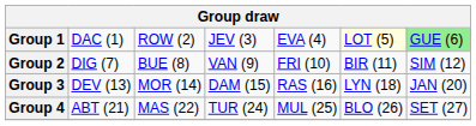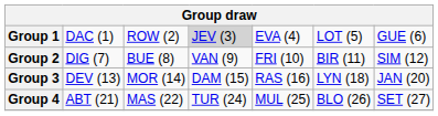 <table class="wikitable" style="text-align:center; font-size:85%">
 <tr>
 <th colspan="7">Group draw</th>
 </tr>
 <tr>
 <th>Group 1</th>
 <td align="left"> <a href='#'>DAC</a> (1)</td>
 <td align="left"> <a href='#'>ROW</a> (2)</td>
-<td align="left"> <a href='#'>JEV</a> (3)</td>
+<td align="left" style="background: lightgrey;"> <a href='#'>JEV</a> (3)</td>
 <td align="left"> <a href='#'>EVA</a> (4)</td>
-<td align="left" style="background: lightyellow;"> <a href='#'>LOT</a> (5)</td>
-<td align="left" style="background: lightgreen;"> <a href='#'>GUE</a> (6)</td>
+<td align="left"> <a href='#'>LOT</a> (5)</td>
+<td align="left"> <a href='#'>GUE</a> (6)</td>
 </tr>
 <tr>
 <th>Group 2</th>
 <td align="left"> <a href='#'>DIG</a> (7)</td>
 <td align="left"> <a href='#'>BUE</a> (8)</td>
 <td align="left"> <a href='#'>VAN</a> (9)</td>
 <td align="left"> <a href='#'>FRI</a> (10)</td>
 <td align="left"> <a href='#'>BIR</a> (11)</td>
 <td align="left"> <a href='#'>SIM</a> (12)</td>
 </tr>
 <tr>
 <th>Group 3</th>
 <td align="left"> <a href='#'>DEV</a> (13)</td>
 <td align="left"> <a href='#'>MOR</a> (14)</td>
 <td align="left"> <a href='#'>DAM</a> (15)</td>
 <td align="left"> <a href='#'>RAS</a> (16)</td>
 <td align="left"> <a href='#'>LYN</a> (18)</td>
 <td align="left"> <a href='#'>JAN</a> (20)</td>
 </tr>
 <tr>
 <th>Group 4</th>
 <td align="left"> <a href='#'>ABT</a> (21)</td>
 <td align="left"> <a href='#'>MAS</a> (22)</td>
 <td align="left"> <a href='#'>TUR</a> (24)</td>
 <td align="left"> <a href='#'>MUL</a> (25)</td>
 <td align="left"> <a href='#'>BLO</a> (26)</td>
 <td align="left"> <a href='#'>SET</a> (27)</td>
 </tr>
 <tr>
 </tr>
 </table>
